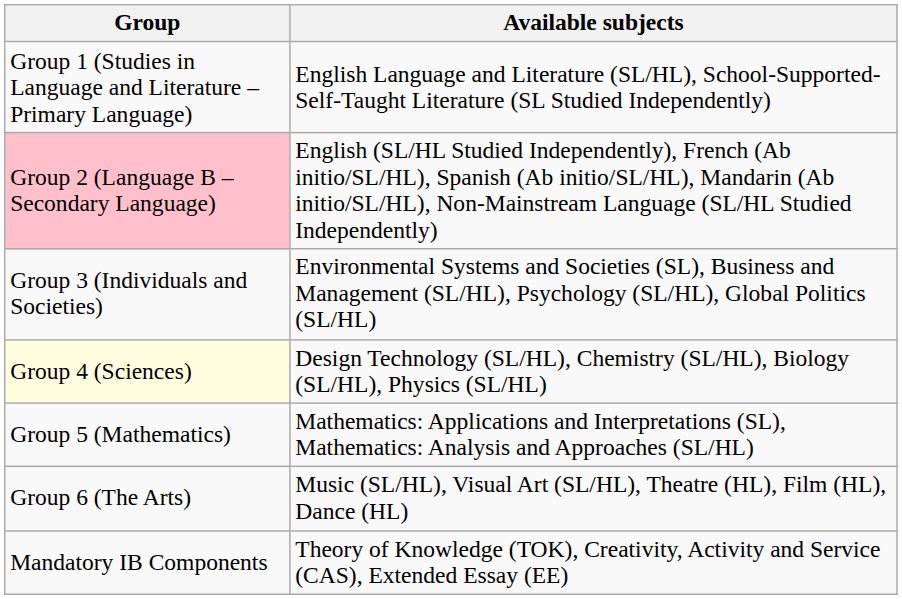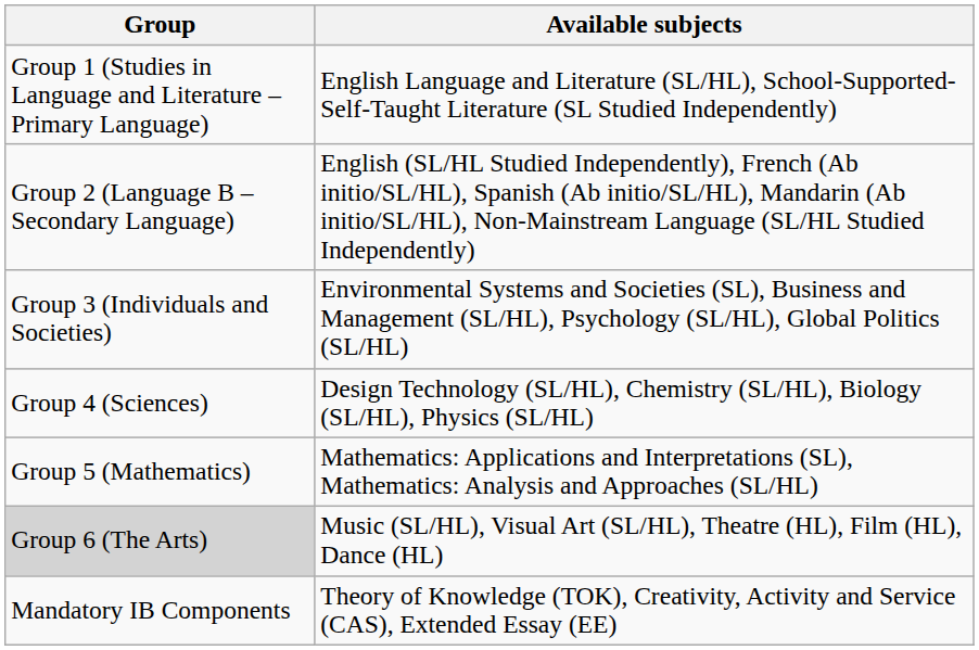 <table class="wikitable">
 <tr>
 <th>Group</th>
 <th>Available subjects</th>
 </tr>
 <tr>
 <td>Group 1 (Studies in Language and Literature – Primary Language)</td>
 <td>English Language and Literature (SL/HL), School-Supported-Self-Taught Literature (SL Studied Independently)</td>
 </tr>
 <tr>
-<td style="background: pink;">Group 2 (Language B – Secondary Language)</td>
+<td>Group 2 (Language B – Secondary Language)</td>
 <td>English (SL/HL Studied Independently), French (Ab initio/SL/HL), Spanish (Ab initio/SL/HL), Mandarin (Ab initio/SL/HL), Non-Mainstream Language (SL/HL Studied Independently)</td>
 </tr>
 <tr>
 <td>Group 3 (Individuals and Societies)</td>
 <td>Environmental Systems and Societies (SL), Business and Management (SL/HL), Psychology (SL/HL), Global Politics (SL/HL)</td>
 </tr>
 <tr>
-<td style="background: lightyellow;">Group 4 (Sciences)</td>
+<td>Group 4 (Sciences)</td>
 <td>Design Technology (SL/HL), Chemistry (SL/HL), Biology (SL/HL), Physics (SL/HL)</td>
 </tr>
 <tr>
 <td>Group 5 (Mathematics)</td>
 <td>Mathematics: Applications and Interpretations (SL), Mathematics: Analysis and Approaches (SL/HL)</td>
 </tr>
 <tr>
-<td>Group 6 (The Arts)</td>
+<td style="background: lightgrey;">Group 6 (The Arts)</td>
 <td>Music (SL/HL), Visual Art (SL/HL), Theatre (HL), Film (HL), Dance (HL)</td>
 </tr>
 <tr>
 <td>Mandatory IB Components</td>
 <td>Theory of Knowledge (TOK), Creativity, Activity and Service (CAS), Extended Essay (EE)</td>
 </tr>
 </table>
